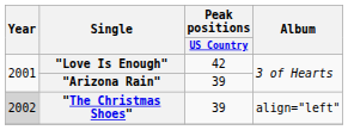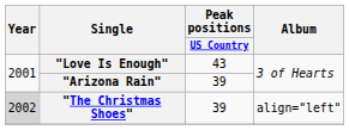 <table class="wikitable plainrowheaders" style="text-align:center;">
 <tr>
 <th rowspan="2">Year</th>
 <th rowspan="2" style="width:12em;">Single</th>
 <th colspan="1">Peak positions</th>
 <th rowspan="2">Album</th>
 </tr>
 <tr style="font-size:smaller;">
 <th width="40"><a href='#'>US Country</a><br></th>
 </tr>
 <tr>
 <td rowspan="2">2001</td>
 <th scope="row">"Love Is Enough"</th>
-<td>42</td>
+<td>43</td>
 <td align="left" rowspan="2"><em>3 of Hearts</em></td>
 </tr>
 <tr>
 <th scope="row">"Arizona Rain"</th>
 <td>39</td>
 </tr>
 <tr>
 <td style="background: lightgrey;">2002</td>
 <th scope="row">"<a href='#'>The Christmas Shoes</a>"</th>
 <td>39</td>
 <td>align="left" </td>
 </tr>
 <tr>
 </tr>
 </table>
